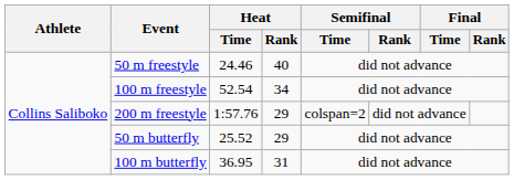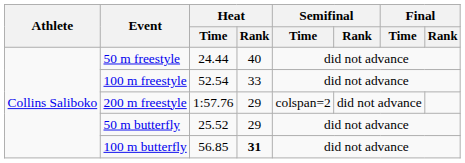 <table class=wikitable style=font-size:90%>
 <tr>
 <th rowspan=2>Athlete</th>
 <th rowspan=2>Event</th>
 <th colspan=2>Heat</th>
 <th colspan=2>Semifinal</th>
 <th colspan=2>Final</th>
 </tr>
 <tr style=font-size:95%>
 <th>Time</th>
 <th>Rank</th>
 <th>Time</th>
 <th>Rank</th>
 <th>Time</th>
 <th>Rank</th>
 </tr>
 <tr align=center>
 <td align=left rowspan=5><a href='#'>Collins Saliboko</a></td>
 <td align=left rowspan="1"><a href='#'>50 m freestyle</a></td>
-<td>24.46</td>
+<td>24.44</td>
 <td>40</td>
 <td colspan=4>did not advance</td>
 </tr>
 <tr align=center>
 <td align=left rowspan="1"><a href='#'>100 m freestyle</a></td>
 <td>52.54</td>
-<td>34</td>
+<td>33</td>
 <td colspan=4>did not advance</td>
 </tr>
 <tr align=center>
 <td align=left rowspan="1"><a href='#'>200 m freestyle</a></td>
 <td>1:57.76</td>
 <td>29</td>
 <td>colspan=2 </td>
 <td colspan=2>did not advance</td>
 </tr>
 <tr align=center>
 <td align=left rowspan="1"><a href='#'>50 m butterfly</a></td>
 <td>25.52</td>
 <td>29</td>
 <td colspan=4>did not advance</td>
 </tr>
 <tr align=center>
 <td align=left rowspan="1"><a href='#'>100 m butterfly</a></td>
-<td>36.95</td>
-<td>31</td>
+<td>56.85</td>
+<td><strong>31</strong></td>
 <td colspan=4>did not advance</td>
 </tr>
 </table>
